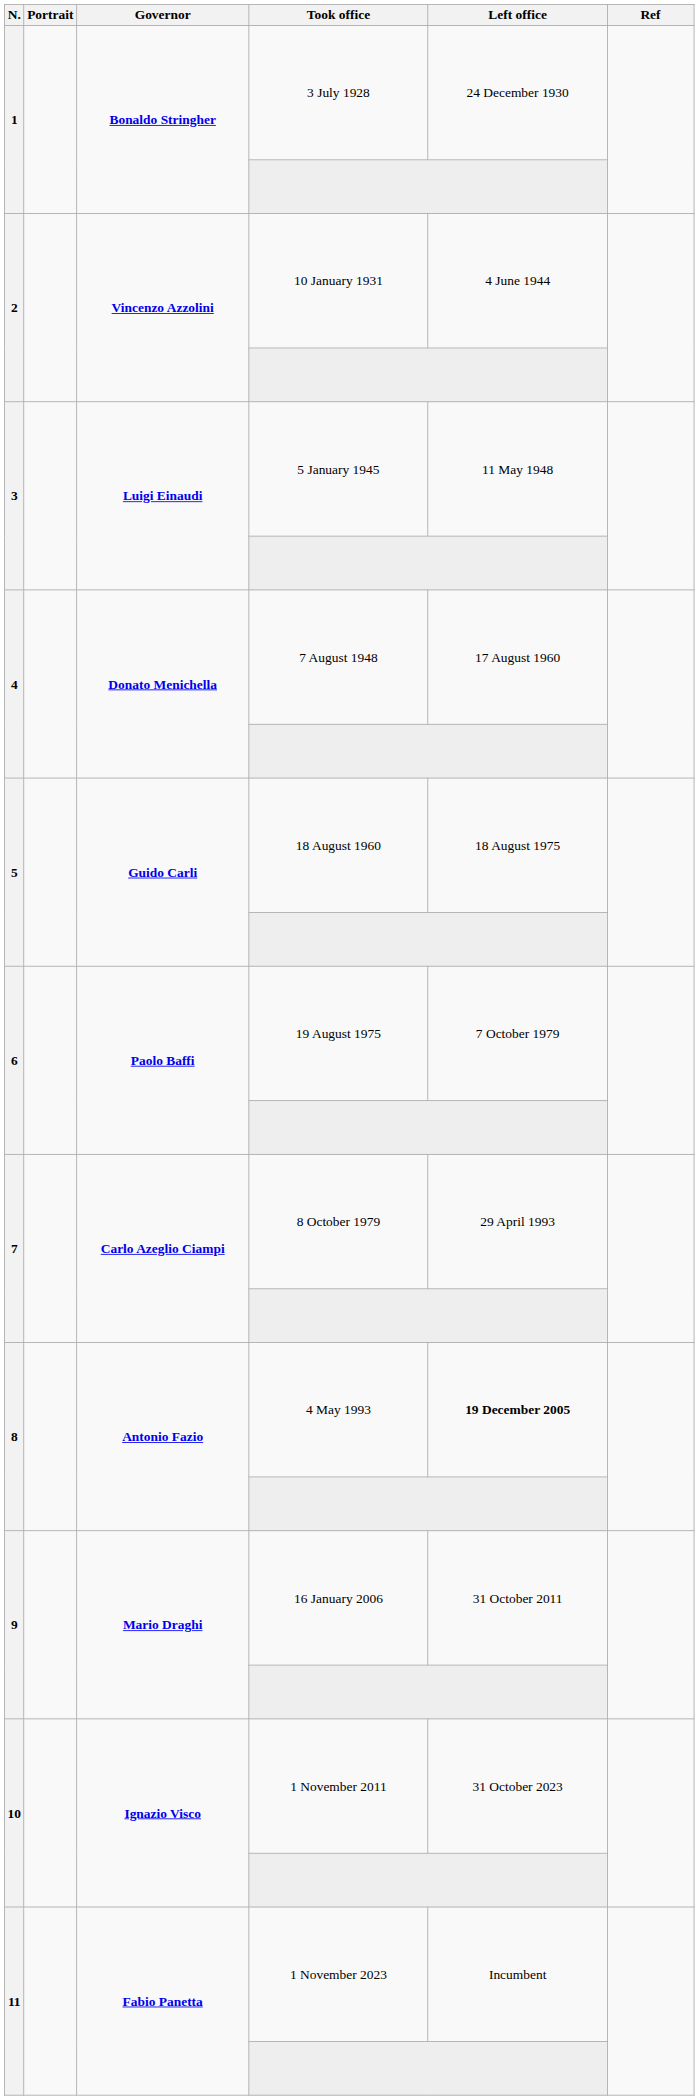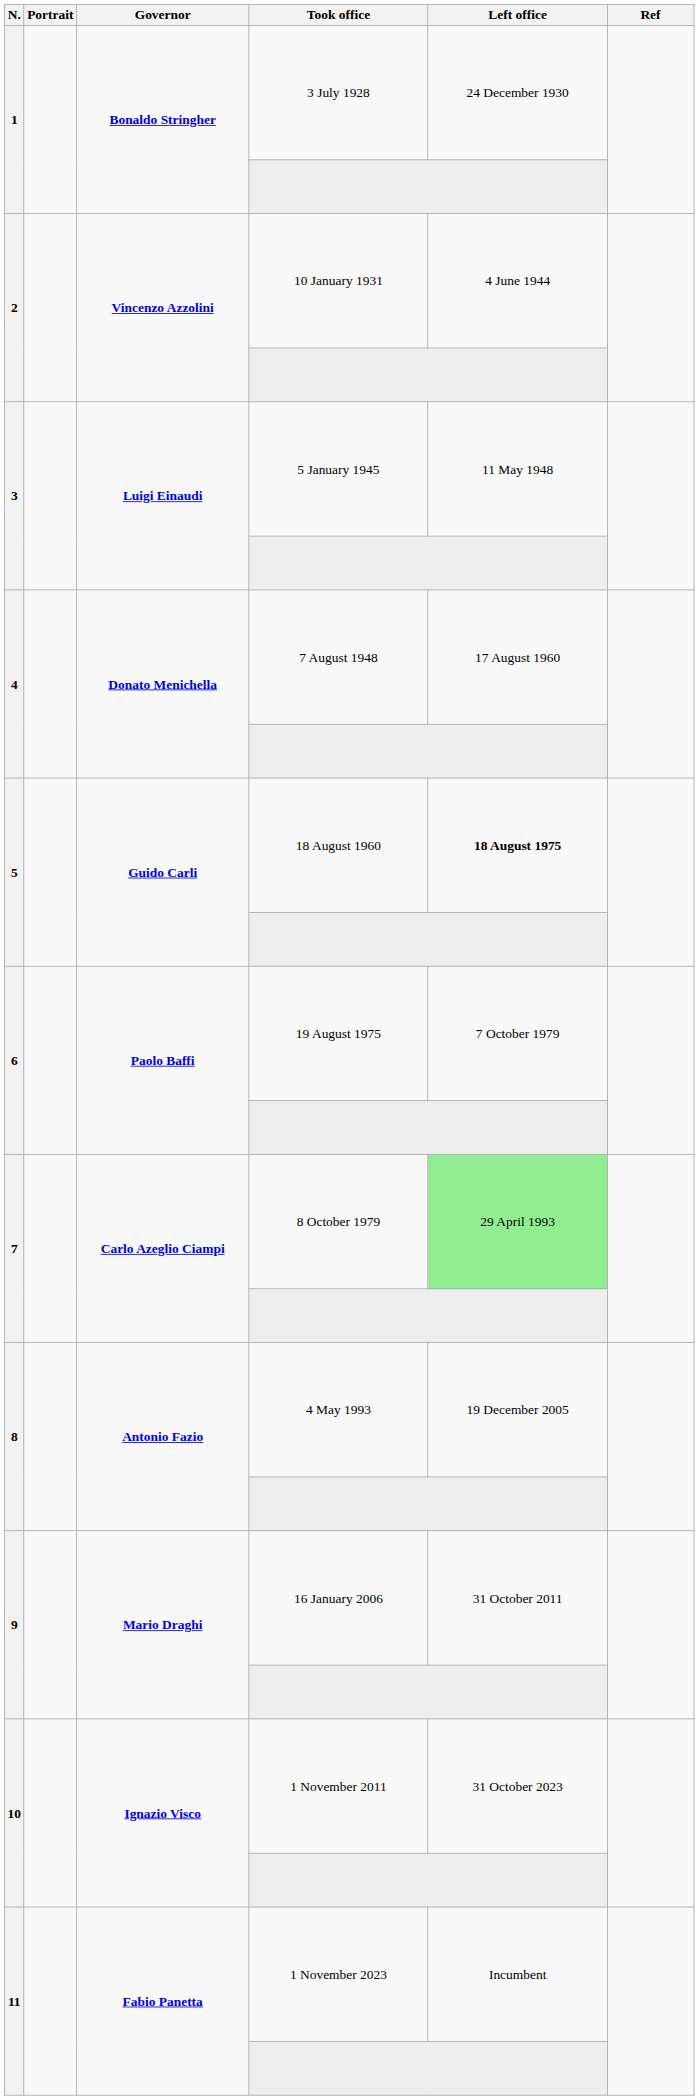 <table class="wikitable" style="text-align:center; style="width=65%">
 <tr>
 <th width=1%>N.</th>
 <th width=2%>Portrait</th>
 <th width=25%>Governor<br></th>
 <th width=26%>Took office</th>
 <th width=26%>Left office</th>
 <th widht=1%>Ref</th>
 </tr>
 <tr style="height:10em;">
 <th rowspan=2>1</th>
 <td rowspan=2></td>
 <td rowspan=2><strong><a href='#'>Bonaldo Stringher</a></strong><br></td>
 <td>3 July 1928</td>
 <td>24 December 1930</td>
 <td rowspan=2></td>
 </tr>
 <tr style="height:4em;">
 <td colspan=2 bgcolor=#EEEEEE></td>
 </tr>
 <tr style="height:10em;">
 <th rowspan=2>2</th>
 <td rowspan=2></td>
 <td rowspan=2><strong><a href='#'>Vincenzo Azzolini</a></strong><br></td>
 <td>10 January 1931</td>
 <td>4 June 1944</td>
 <td rowspan=2></td>
 </tr>
 <tr style="height:4em;">
 <td colspan=2 bgcolor=#EEEEEE></td>
 </tr>
 <tr style="height:10em;">
 <th rowspan=2>3</th>
 <td rowspan=2></td>
 <td rowspan=2><strong><a href='#'>Luigi Einaudi</a></strong><br></td>
 <td>5 January 1945</td>
 <td>11 May 1948</td>
 <td rowspan=2></td>
 </tr>
 <tr style="height:4em;">
 <td colspan=2 bgcolor=#EEEEEE></td>
 </tr>
 <tr style="height:10em;">
 <th rowspan=2>4</th>
 <td rowspan=2></td>
 <td rowspan=2><strong><a href='#'>Donato Menichella</a></strong><br></td>
 <td>7 August 1948</td>
 <td>17 August 1960</td>
 <td rowspan=2></td>
 </tr>
 <tr style="height:4em;">
 <td colspan=2 bgcolor=#EEEEEE></td>
 </tr>
 <tr style="height:10em;">
 <th rowspan=2>5</th>
 <td rowspan=2></td>
 <td rowspan=2><strong><a href='#'>Guido Carli</a></strong><br></td>
 <td>18 August 1960</td>
-<td>18 August 1975</td>
+<td><strong>18 August 1975</strong></td>
 <td rowspan=2></td>
 </tr>
 <tr style="height:4em;">
 <td colspan=2 bgcolor=#EEEEEE></td>
 </tr>
 <tr style="height:10em;">
 <th rowspan=2>6</th>
 <td rowspan=2></td>
 <td rowspan=2><strong><a href='#'>Paolo Baffi</a></strong><br></td>
 <td>19 August 1975</td>
 <td>7 October 1979</td>
 <td rowspan=2></td>
 </tr>
 <tr style="height:4em;">
 <td colspan=2 bgcolor=#EEEEEE></td>
 </tr>
 <tr style="height:10em;">
 <th rowspan=2>7</th>
 <td rowspan=2></td>
 <td rowspan=2><strong><a href='#'>Carlo Azeglio Ciampi</a></strong><br></td>
 <td>8 October 1979</td>
-<td>29 April 1993</td>
+<td style="background: lightgreen;">29 April 1993</td>
 <td rowspan=2></td>
 </tr>
 <tr style="height:4em;">
 <td colspan=2 bgcolor=#EEEEEE></td>
 </tr>
 <tr style="height:10em;">
 <th rowspan=2>8</th>
 <td rowspan=2></td>
 <td rowspan=2><strong><a href='#'>Antonio Fazio</a></strong><br></td>
 <td>4 May 1993</td>
-<td><strong>19 December 2005</strong></td>
+<td>19 December 2005</td>
 <td rowspan=2></td>
 </tr>
 <tr style="height:4em;">
 <td colspan=2 bgcolor=#EEEEEE></td>
 </tr>
 <tr style="height:10em;">
 <th rowspan=2>9</th>
 <td rowspan=2></td>
 <td rowspan=2><strong><a href='#'>Mario Draghi</a></strong><br></td>
 <td>16 January 2006</td>
 <td>31 October 2011</td>
 <td rowspan=2></td>
 </tr>
 <tr style="height:4em;">
 <td colspan=2 bgcolor=#EEEEEE></td>
 </tr>
 <tr style="height:10em;">
 <th rowspan=2>10</th>
 <td rowspan=2></td>
 <td rowspan=2><strong><a href='#'>Ignazio Visco</a></strong><br></td>
 <td>1 November 2011</td>
 <td>31 October 2023</td>
 <td rowspan=2></td>
 </tr>
 <tr style="height:4em;">
 <td colspan=2 bgcolor=#EEEEEE></td>
 </tr>
 <tr style="height:10em;">
 <th rowspan=2>11</th>
 <td rowspan=2></td>
 <td rowspan=2><strong><a href='#'>Fabio Panetta</a></strong><br></td>
 <td>1 November 2023</td>
 <td>Incumbent</td>
 <td rowspan=2></td>
 </tr>
 <tr style="height:4em;">
 <td colspan=2 bgcolor=#EEEEEE></td>
 </tr>
 </table>
